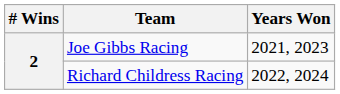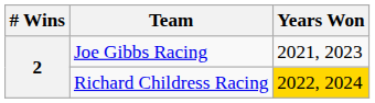 <table class="wikitable" style="font-size: 95%;">
 <tr>
 <th># Wins</th>
 <th>Team</th>
 <th>Years Won</th>
 </tr>
 <tr>
 <th rowspan=2>2</th>
 <td><a href='#'>Joe Gibbs Racing</a></td>
 <td>2021, 2023</td>
 </tr>
 <tr>
 <td><a href='#'>Richard Childress Racing</a></td>
-<td>2022, 2024</td>
+<td style="background: gold;">2022, 2024</td>
 </tr>
 </table>
